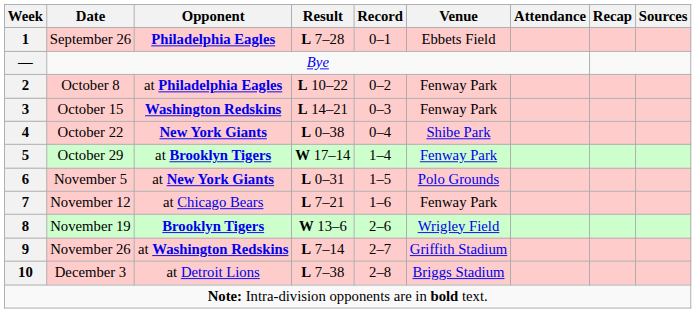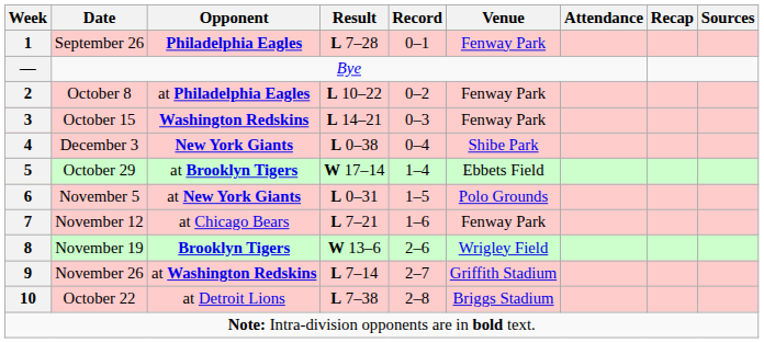 <table class="wikitable" style="text-align:center">
 <tr>
 <th>Week</th>
 <th>Date</th>
 <th>Opponent</th>
 <th>Result</th>
 <th>Record</th>
 <th>Venue</th>
 <th>Attendance</th>
 <th>Recap</th>
 <th>Sources</th>
 </tr>
 <tr style="background:#fcc">
 <th>1</th>
 <td>September 26</td>
 <td><strong><a href='#'>Philadelphia Eagles</a></strong></td>
 <td><strong>L</strong> 7–28</td>
 <td>0–1</td>
-<td>Ebbets Field</td>
+<td><a href='#'>Fenway Park</a></td>
 <td></td>
 <td></td>
 <td></td>
 </tr>
 <tr>
 <th>—</th>
 <td colspan="6"><em><a href='#'>Bye</a></em></td>
 </tr>
 <tr style="background:#fcc">
 <th>2</th>
 <td>October 8</td>
 <td>at <strong><a href='#'>Philadelphia Eagles</a></strong></td>
 <td><strong>L</strong> 10–22</td>
 <td>0–2</td>
 <td>Fenway Park</td>
 <td></td>
 <td></td>
 <td></td>
 </tr>
 <tr style="background:#fcc">
 <th>3</th>
 <td>October 15</td>
 <td><strong><a href='#'>Washington Redskins</a></strong></td>
 <td><strong>L</strong> 14–21</td>
 <td>0–3</td>
 <td>Fenway Park</td>
 <td></td>
 <td></td>
 <td></td>
 </tr>
 <tr style="background:#fcc">
 <th>4</th>
-<td>October 22</td>
+<td>December 3</td>
 <td><strong><a href='#'>New York Giants</a></strong></td>
 <td><strong>L</strong> 0–38</td>
 <td>0–4</td>
 <td><a href='#'>Shibe Park</a></td>
 <td></td>
 <td></td>
 <td></td>
 </tr>
 <tr style="background:#cfc">
 <th>5</th>
 <td>October 29</td>
 <td>at <strong><a href='#'>Brooklyn Tigers</a></strong></td>
 <td><strong>W</strong> 17–14</td>
 <td>1–4</td>
-<td><a href='#'>Fenway Park</a></td>
+<td>Ebbets Field</td>
 <td></td>
 <td></td>
 <td></td>
 </tr>
 <tr style="background:#fcc">
 <th>6</th>
 <td>November 5</td>
 <td>at <strong><a href='#'>New York Giants</a></strong></td>
 <td><strong>L</strong> 0–31</td>
 <td>1–5</td>
 <td><a href='#'>Polo Grounds</a></td>
 <td></td>
 <td></td>
 <td></td>
 </tr>
 <tr style="background:#fcc">
 <th>7</th>
 <td>November 12</td>
 <td>at <a href='#'>Chicago Bears</a></td>
 <td><strong>L</strong> 7–21</td>
 <td>1–6</td>
 <td>Fenway Park</td>
 <td></td>
 <td></td>
 <td></td>
 </tr>
 <tr style="background:#cfc">
 <th>8</th>
 <td>November 19</td>
 <td><strong><a href='#'>Brooklyn Tigers</a></strong></td>
 <td><strong>W</strong> 13–6</td>
 <td>2–6</td>
 <td><a href='#'>Wrigley Field</a></td>
 <td></td>
 <td></td>
 <td></td>
 </tr>
 <tr style="background:#fcc">
 <th>9</th>
 <td>November 26</td>
 <td>at <strong><a href='#'>Washington Redskins</a></strong></td>
 <td><strong>L</strong> 7–14</td>
 <td>2–7</td>
 <td><a href='#'>Griffith Stadium</a></td>
 <td></td>
 <td></td>
 <td></td>
 </tr>
 <tr style="background:#fcc">
 <th>10</th>
-<td>December 3</td>
+<td>October 22</td>
 <td>at <a href='#'>Detroit Lions</a></td>
 <td><strong>L</strong> 7–38</td>
 <td>2–8</td>
 <td><a href='#'>Briggs Stadium</a></td>
 <td></td>
 <td></td>
 <td></td>
 </tr>
 <tr>
 <td colspan="10"><strong>Note:</strong> Intra-division opponents are in <strong>bold</strong> text.</td>
 </tr>
 </table>
